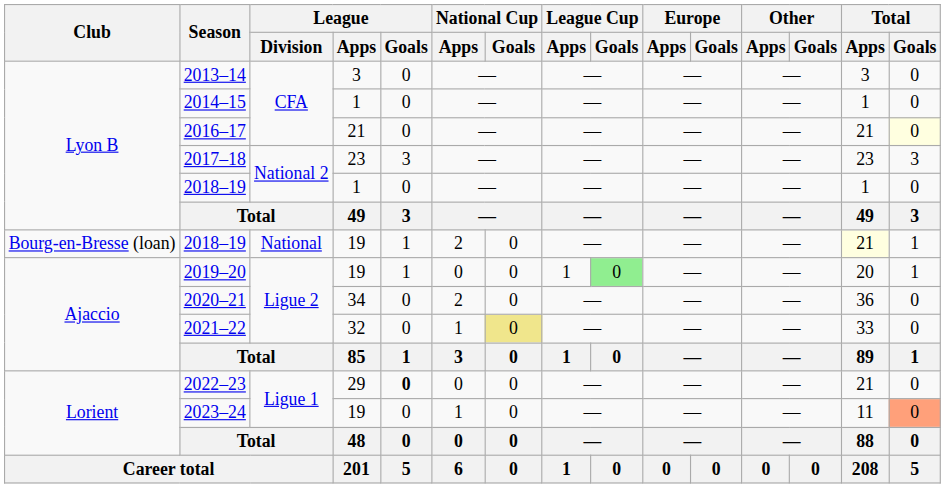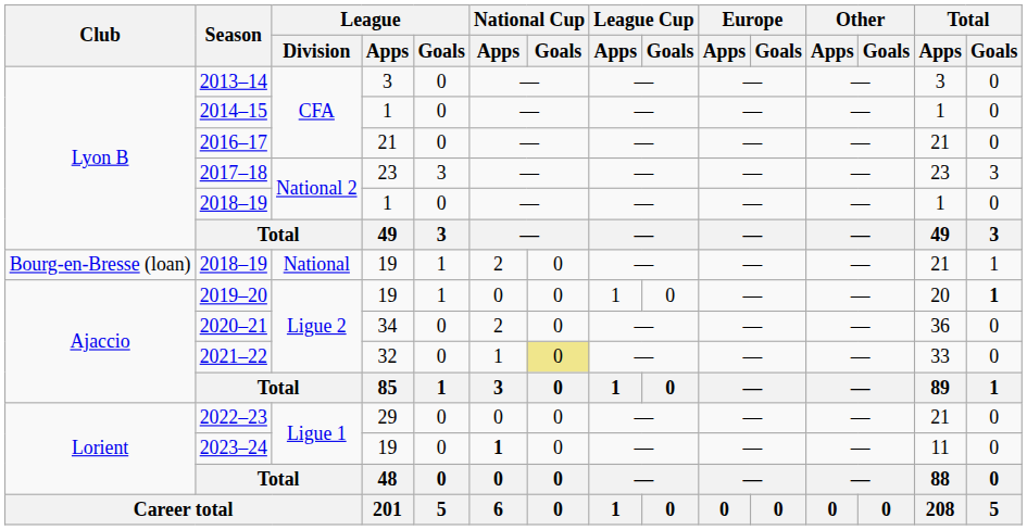 <table class="wikitable" style="text-align: center">
 <tr>
 <th rowspan="2">Club</th>
 <th rowspan="2">Season</th>
 <th colspan="3">League</th>
 <th colspan="2">National Cup</th>
 <th colspan="2">League Cup</th>
 <th colspan="2">Europe</th>
 <th colspan="2">Other</th>
 <th colspan="2">Total</th>
 </tr>
 <tr>
 <th>Division</th>
 <th>Apps</th>
 <th>Goals</th>
 <th>Apps</th>
 <th>Goals</th>
 <th>Apps</th>
 <th>Goals</th>
 <th>Apps</th>
 <th>Goals</th>
 <th>Apps</th>
 <th>Goals</th>
 <th>Apps</th>
 <th>Goals</th>
 </tr>
 <tr>
 <td rowspan="6"><a href='#'>Lyon B</a></td>
 <td><a href='#'>2013–14</a></td>
 <td rowspan="3"><a href='#'>CFA</a></td>
 <td>3</td>
 <td>0</td>
 <td colspan="2">—</td>
 <td colspan="2">—</td>
 <td colspan="2">—</td>
 <td colspan="2">—</td>
 <td>3</td>
 <td>0</td>
 </tr>
 <tr>
 <td><a href='#'>2014–15</a></td>
 <td>1</td>
 <td>0</td>
 <td colspan="2">—</td>
 <td colspan="2">—</td>
 <td colspan="2">—</td>
 <td colspan="2">—</td>
 <td>1</td>
 <td>0</td>
 </tr>
 <tr>
 <td><a href='#'>2016–17</a></td>
 <td>21</td>
 <td>0</td>
 <td colspan="2">—</td>
 <td colspan="2">—</td>
 <td colspan="2">—</td>
 <td colspan="2">—</td>
 <td>21</td>
-<td style="background: lightyellow;">0</td>
+<td>0</td>
 </tr>
 <tr>
 <td><a href='#'>2017–18</a></td>
 <td rowspan="2"><a href='#'>National 2</a></td>
 <td>23</td>
 <td>3</td>
 <td colspan="2">—</td>
 <td colspan="2">—</td>
 <td colspan="2">—</td>
 <td colspan="2">—</td>
 <td>23</td>
 <td>3</td>
 </tr>
 <tr>
 <td><a href='#'>2018–19</a></td>
 <td>1</td>
 <td>0</td>
 <td colspan="2">—</td>
 <td colspan="2">—</td>
 <td colspan="2">—</td>
 <td colspan="2">—</td>
 <td>1</td>
 <td>0</td>
 </tr>
 <tr>
 <th colspan="2">Total</th>
 <th>49</th>
 <th>3</th>
 <th colspan="2">—</th>
 <th colspan="2">—</th>
 <th colspan="2">—</th>
 <th colspan="2">—</th>
 <th>49</th>
 <th>3</th>
 </tr>
 <tr>
 <td><a href='#'>Bourg-en-Bresse</a> (loan)</td>
 <td><a href='#'>2018–19</a></td>
 <td><a href='#'>National</a></td>
 <td>19</td>
 <td>1</td>
 <td>2</td>
 <td>0</td>
 <td colspan="2">—</td>
 <td colspan="2">—</td>
 <td colspan="2">—</td>
-<td style="background: lightyellow;">21</td>
+<td>21</td>
 <td>1</td>
 </tr>
 <tr>
 <td rowspan="4"><a href='#'>Ajaccio</a></td>
 <td><a href='#'>2019–20</a></td>
 <td rowspan="3"><a href='#'>Ligue 2</a></td>
 <td>19</td>
 <td>1</td>
 <td>0</td>
 <td>0</td>
 <td>1</td>
-<td style="background: lightgreen;">0</td>
+<td>0</td>
 <td colspan="2">—</td>
 <td colspan="2">—</td>
 <td>20</td>
-<td>1</td>
+<td><strong>1</strong></td>
 </tr>
 <tr>
 <td><a href='#'>2020–21</a></td>
 <td>34</td>
 <td>0</td>
 <td>2</td>
 <td>0</td>
 <td colspan="2">—</td>
 <td colspan="2">—</td>
 <td colspan="2">—</td>
 <td>36</td>
 <td>0</td>
 </tr>
 <tr>
 <td><a href='#'>2021–22</a></td>
 <td>32</td>
 <td>0</td>
 <td>1</td>
 <td style="background: khaki;">0</td>
 <td colspan="2">—</td>
 <td colspan="2">—</td>
 <td colspan="2">—</td>
 <td>33</td>
 <td>0</td>
 </tr>
 <tr>
 <th colspan="2">Total</th>
 <th>85</th>
 <th>1</th>
 <th>3</th>
 <th>0</th>
 <th>1</th>
 <th>0</th>
 <th colspan="2">—</th>
 <th colspan="2">—</th>
 <th>89</th>
 <th>1</th>
 </tr>
 <tr>
 <td rowspan="3"><a href='#'>Lorient</a></td>
 <td><a href='#'>2022–23</a></td>
 <td rowspan="2"><a href='#'>Ligue 1</a></td>
 <td>29</td>
-<td><strong>0</strong></td>
+<td>0</td>
 <td>0</td>
 <td>0</td>
 <td colspan="2">—</td>
 <td colspan="2">—</td>
 <td colspan="2">—</td>
 <td>21</td>
 <td>0</td>
 </tr>
 <tr>
 <td><a href='#'>2023–24</a></td>
 <td>19</td>
 <td>0</td>
-<td>1</td>
+<td><strong>1</strong></td>
 <td>0</td>
 <td colspan="2">—</td>
 <td colspan="2">—</td>
 <td colspan="2">—</td>
 <td>11</td>
-<td style="background: lightsalmon;">0</td>
+<td>0</td>
 </tr>
 <tr>
 <th colspan="2">Total</th>
 <th>48</th>
 <th>0</th>
 <th>0</th>
 <th>0</th>
 <th colspan="2">—</th>
 <th colspan="2">—</th>
 <th colspan="2">—</th>
 <th>88</th>
 <th>0</th>
 </tr>
 <tr>
 <th colspan="3">Career total</th>
 <th>201</th>
 <th>5</th>
 <th>6</th>
 <th>0</th>
 <th>1</th>
 <th>0</th>
 <th>0</th>
 <th>0</th>
 <th>0</th>
 <th>0</th>
 <th>208</th>
 <th>5</th>
 </tr>
 </table>
